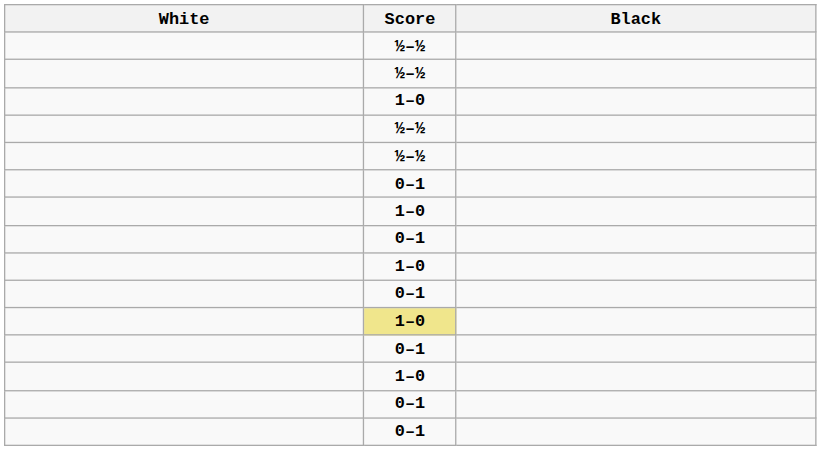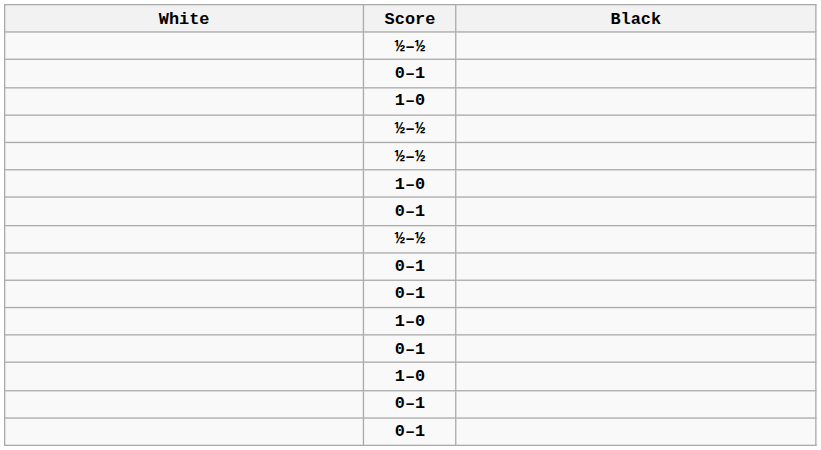 <table class="wikitable" style="text-align: center;">
 <tr>
 <th align="right" width="270">White</th>
 <th width="65">Score</th>
 <th align="left" width="270">Black</th>
 </tr>
 <tr>
 <td align=left></td>
 <td align=center><strong>½–½</strong></td>
 <td align=left><strong></strong></td>
 </tr>
 <tr>
 <td align=left></td>
-<td align=center><strong>½–½</strong></td>
+<td align=center><strong>0–1</strong></td>
 <td align=left><strong></strong></td>
 </tr>
 <tr>
 <td align=left><strong></strong></td>
 <td align=center><strong>1–0</strong></td>
 <td align=left></td>
 </tr>
 <tr>
 <td align=left></td>
 <td align=center><strong>½–½</strong></td>
 <td align=left></td>
 </tr>
 <tr>
 <td align=left></td>
 <td align=center><strong>½–½</strong></td>
 <td align=left></td>
 </tr>
 <tr>
 <td align=left></td>
-<td align=center><strong>0–1</strong></td>
+<td align=center><strong>1–0</strong></td>
 <td align=left><strong></strong></td>
 </tr>
 <tr>
 <td align=left><strong></strong></td>
-<td align=center><strong>1–0</strong></td>
+<td align=center><strong>0–1</strong></td>
 <td align=left></td>
 </tr>
 <tr>
 <td align=left></td>
-<td align=center><strong>0–1</strong></td>
+<td align=center><strong>½–½</strong></td>
 <td align=left></td>
 </tr>
 <tr>
 <td align=left><strong></strong></td>
-<td align=center><strong>1–0</strong></td>
+<td align=center><strong>0–1</strong></td>
 <td align=left></td>
 </tr>
 <tr>
 <td align=left></td>
 <td align=center><strong>0–1</strong></td>
 <td align=left><strong></strong></td>
 </tr>
 <tr>
 <td align=left><strong></strong></td>
-<td align=center style="background: khaki;"><strong>1–0</strong></td>
+<td align=center><strong>1–0</strong></td>
 <td align=left></td>
 </tr>
 <tr>
 <td align=left></td>
 <td align=center><strong>0–1</strong></td>
 <td align=left><strong></strong></td>
 </tr>
 <tr>
 <td align=left><strong></strong></td>
 <td align=center><strong>1–0</strong></td>
 <td align=left></td>
 </tr>
 <tr>
 <td align=left></td>
 <td align=center><strong>0–1</strong></td>
 <td align=left><strong></strong></td>
 </tr>
 <tr>
 <td align=left></td>
 <td align=center><strong>0–1</strong></td>
 <td align=left><strong></strong></td>
 </tr>
 </table>
